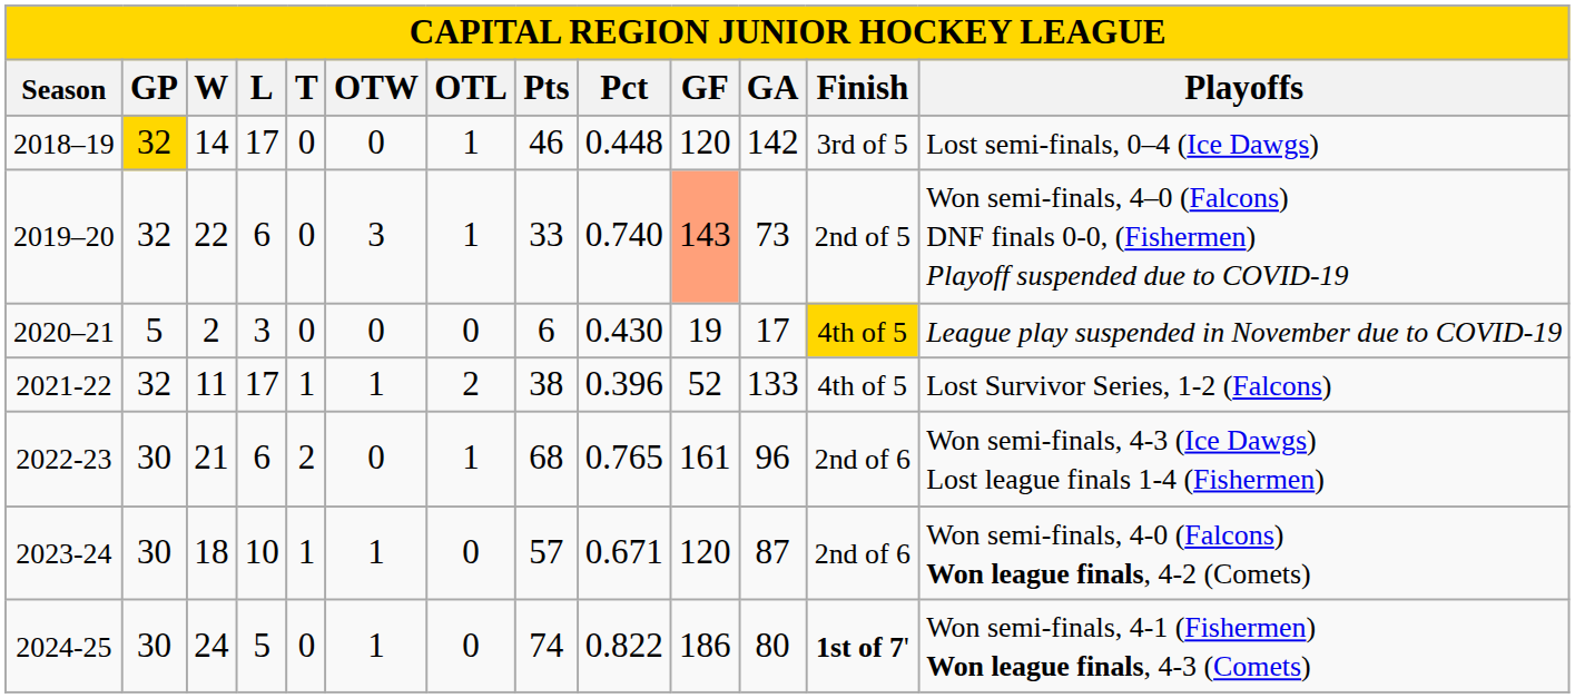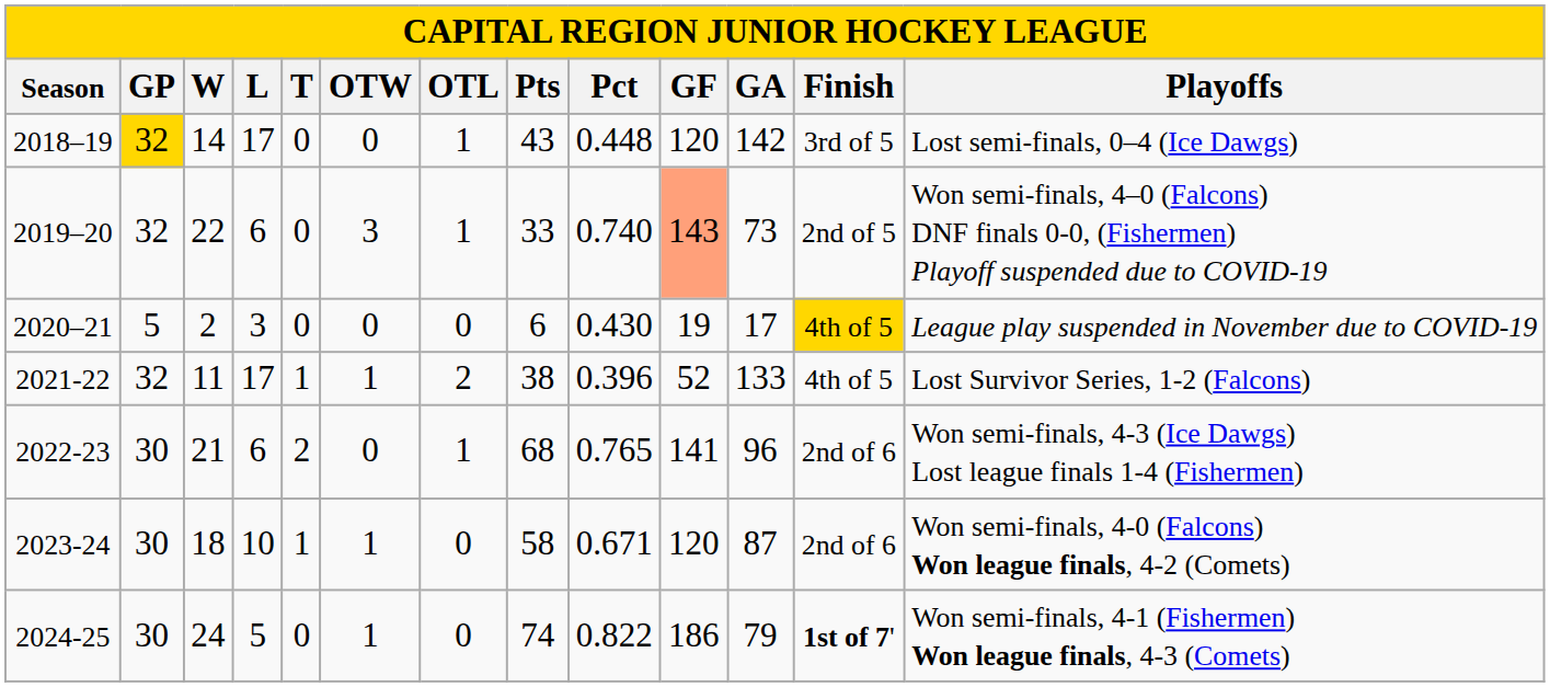 <table class="wikitable" style="text-align:center">
 <tr align="center"  bgcolor="gold"  style="color:black">
 <td colspan=13><strong>CAPITAL REGION JUNIOR HOCKEY LEAGUE</strong></td>
 </tr>
 <tr>
 <th><small> Season</small></th>
 <th>GP</th>
 <th>W</th>
 <th>L</th>
 <th>T</th>
 <th>OTW</th>
 <th>OTL</th>
 <th>Pts</th>
 <th>Pct</th>
 <th>GF</th>
 <th>GA</th>
 <th>Finish</th>
 <th>Playoffs</th>
 </tr>
 <tr>
 <td><small>2018–19 </small></td>
 <td style="background: gold;">32</td>
 <td>14</td>
 <td>17</td>
 <td>0</td>
 <td>0</td>
 <td>1</td>
-<td>46</td>
+<td>43</td>
 <td>0.448</td>
 <td>120</td>
 <td>142</td>
 <td><small>3rd of 5</small></td>
 <td align="left"><small>Lost semi-finals, 0–4 (<a href='#'>Ice Dawgs</a>)</small></td>
 </tr>
 <tr>
 <td><small>2019–20 </small></td>
 <td>32</td>
 <td>22</td>
 <td>6</td>
 <td>0</td>
 <td>3</td>
 <td>1</td>
 <td>33</td>
 <td>0.740</td>
 <td style="background: lightsalmon;">143</td>
 <td>73</td>
 <td><small>2nd of 5</small></td>
 <td align="left"><small>Won semi-finals, 4–0 (<a href='#'>Falcons</a>)<br>DNF finals 0-0, (<a href='#'>Fishermen</a>)<br><em>Playoff suspended due to COVID-19</em></small></td>
 </tr>
 <tr>
 <td><small>2020–21 </small></td>
 <td>5</td>
 <td>2</td>
 <td>3</td>
 <td>0</td>
 <td>0</td>
 <td>0</td>
 <td>6</td>
 <td>0.430</td>
 <td>19</td>
 <td>17</td>
 <td style="background: gold;"><small>4th of 5</small></td>
 <td align="left"><small><em>League play suspended in November due to COVID-19</em></small></td>
 </tr>
 <tr>
 <td><small>2021-22 </small></td>
 <td>32</td>
 <td>11</td>
 <td>17</td>
 <td>1</td>
 <td>1</td>
 <td>2</td>
 <td>38</td>
 <td>0.396</td>
 <td>52</td>
 <td>133</td>
 <td><small>4th of 5</small></td>
 <td align="left"><small>Lost Survivor Series, 1-2 (<a href='#'>Falcons</a>)</small></td>
 </tr>
 <tr>
 <td><small>2022-23 </small></td>
 <td>30</td>
 <td>21</td>
 <td>6</td>
 <td>2</td>
 <td>0</td>
 <td>1</td>
 <td>68</td>
 <td>0.765</td>
-<td>161</td>
+<td>141</td>
 <td>96</td>
 <td><small>2nd of 6</small></td>
 <td align="left"><small>Won semi-finals, 4-3 (<a href='#'>Ice Dawgs</a>)</small><small><br>Lost league finals 1-4 (<a href='#'>Fishermen</a>)</small></td>
 </tr>
 <tr>
 <td><small>2023-24 </small></td>
 <td>30</td>
 <td>18</td>
 <td>10</td>
 <td>1</td>
 <td>1</td>
 <td>0</td>
-<td>57</td>
+<td>58</td>
 <td>0.671</td>
 <td>120</td>
 <td>87</td>
 <td><small>2nd of 6</small></td>
 <td align="left"><small>Won semi-finals, 4-0 (<a href='#'>Falcons</a>)<br><strong>Won league finals</strong>, 4-2 (Comets)</small></td>
 </tr>
 <tr>
 <td><small>2024-25 </small></td>
 <td>30</td>
 <td>24</td>
 <td>5</td>
 <td>0</td>
 <td>1</td>
 <td>0</td>
 <td>74</td>
 <td>0.822</td>
 <td>186</td>
-<td>80</td>
+<td>79</td>
 <td><small><strong>1st of 7</strong>'</small></td>
 <td align="left"><small>Won semi-finals, 4-1 (<a href='#'>Fishermen</a>)<br><strong>Won league finals</strong>, 4-3 (<a href='#'>Comets</a>)</small></td>
 </tr>
 </table>
